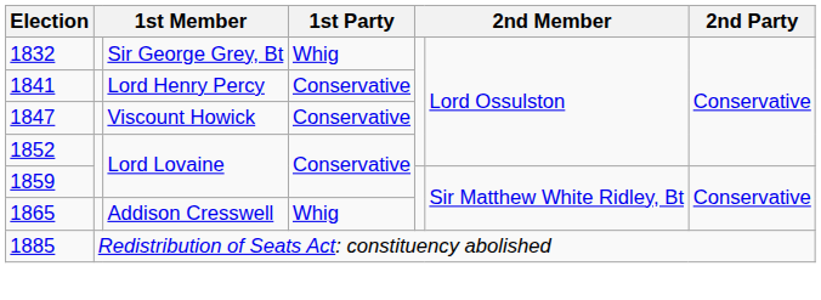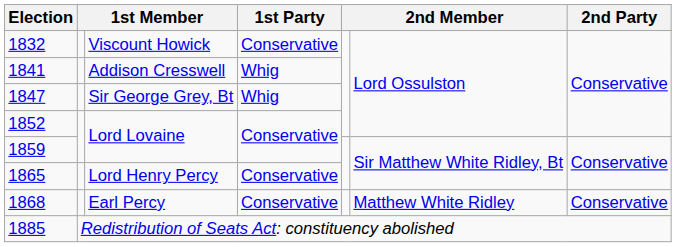 <table class="wikitable">
 <tr>
 <th>Election</th>
 <th colspan="2">1st Member</th>
 <th>1st Party</th>
 <th colspan="2">2nd Member</th>
 <th>2nd Party</th>
 </tr>
 <tr>
 <td><a href='#'>1832</a></td>
 <td style="color:inherit;background-color: "></td>
-<td><a href='#'>Sir George Grey, Bt</a></td>
-<td><a href='#'>Whig</a></td>
+<td><a href='#'>Viscount Howick</a></td>
+<td><a href='#'>Conservative</a></td>
 <td rowspan="4" style="color:inherit;background-color: "></td>
 <td rowspan="4"><a href='#'>Lord Ossulston</a></td>
 <td rowspan="4"><a href='#'>Conservative</a></td>
 </tr>
 <tr>
 <td><a href='#'>1841</a></td>
 <td style="color:inherit;background-color: "></td>
-<td><a href='#'>Lord Henry Percy</a></td>
-<td><a href='#'>Conservative</a></td>
+<td><a href='#'>Addison Cresswell</a></td>
+<td><a href='#'>Whig</a></td>
 </tr>
 <tr>
 <td><a href='#'>1847</a></td>
 <td style="color:inherit;background-color: "></td>
-<td><a href='#'>Viscount Howick</a></td>
-<td><a href='#'>Conservative</a></td>
+<td><a href='#'>Sir George Grey, Bt</a></td>
+<td><a href='#'>Whig</a></td>
 </tr>
 <tr>
 <td><a href='#'>1852</a></td>
 <td rowspan="2" style="color:inherit;background-color: "></td>
 <td rowspan="2"><a href='#'>Lord Lovaine</a></td>
 <td rowspan="2"><a href='#'>Conservative</a></td>
 </tr>
 <tr>
 <td><a href='#'>1859</a></td>
 <td rowspan="2" style="color:inherit;background-color: "></td>
 <td rowspan="2"><a href='#'>Sir Matthew White Ridley, Bt</a></td>
 <td rowspan="2"><a href='#'>Conservative</a></td>
 </tr>
 <tr>
 <td><a href='#'>1865</a></td>
 <td style="color:inherit;background-color: "></td>
-<td><a href='#'>Addison Cresswell</a></td>
-<td><a href='#'>Whig</a></td>
+<td><a href='#'>Lord Henry Percy</a></td>
+<td><a href='#'>Conservative</a></td>
+</tr>
+<tr>
+<td><a href='#'>1868</a></td>
+<td style="color:inherit;background-color: "></td>
+<td><a href='#'>Earl Percy</a></td>
+<td><a href='#'>Conservative</a></td>
+<td style="color:inherit;background-color: "></td>
+<td><a href='#'>Matthew White Ridley</a></td>
+<td><a href='#'>Conservative</a></td>
 </tr>
 <tr>
 <td><a href='#'>1885</a></td>
 <td colspan="6"><em><a href='#'>Redistribution of Seats Act</a>: constituency abolished</em></td>
 </tr>
 </table>
